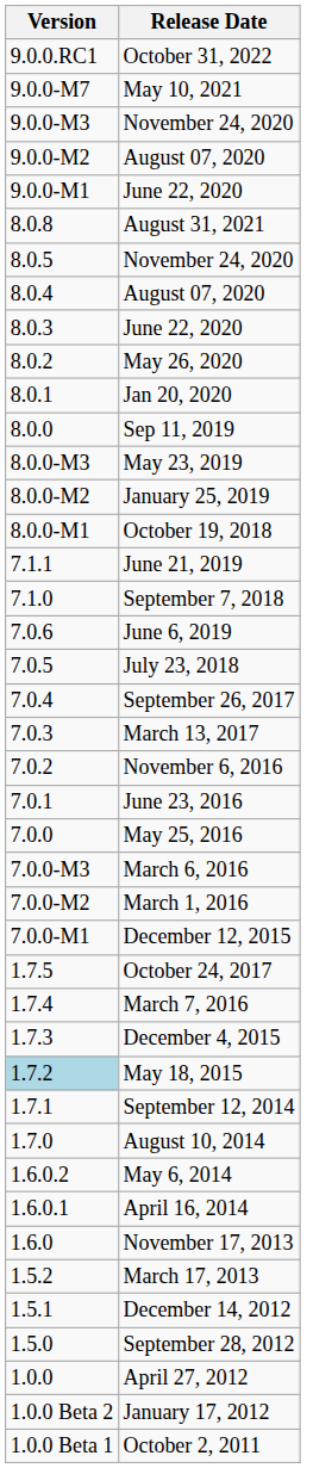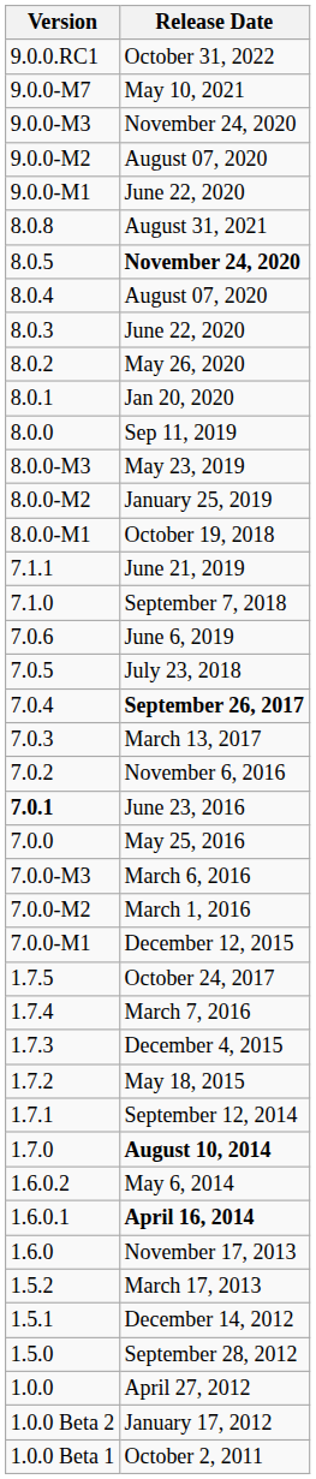 <table class="wikitable mw-collapsible mw-collapsed">
 <tr>
 <th>Version</th>
 <th>Release Date</th>
 </tr>
 <tr>
 <td>9.0.0.RC1</td>
 <td>October 31, 2022</td>
 </tr>
 <tr>
 <td>9.0.0-M7</td>
 <td>May 10, 2021</td>
 </tr>
 <tr>
 <td>9.0.0-M3</td>
 <td>November 24, 2020</td>
 </tr>
 <tr>
 <td>9.0.0-M2</td>
 <td>August 07, 2020</td>
 </tr>
 <tr>
 <td>9.0.0-M1</td>
 <td>June 22, 2020</td>
 </tr>
 <tr>
 <td>8.0.8</td>
 <td>August 31, 2021</td>
 </tr>
 <tr>
 <td>8.0.5</td>
-<td>November 24, 2020</td>
+<td><strong>November 24, 2020</strong></td>
 </tr>
 <tr>
 <td>8.0.4</td>
 <td>August 07, 2020</td>
 </tr>
 <tr>
 <td>8.0.3</td>
 <td>June 22, 2020</td>
 </tr>
 <tr>
 <td>8.0.2</td>
 <td>May 26, 2020</td>
 </tr>
 <tr>
 <td>8.0.1</td>
 <td>Jan 20, 2020</td>
 </tr>
 <tr>
 <td>8.0.0</td>
 <td>Sep 11, 2019</td>
 </tr>
 <tr>
 <td>8.0.0-M3</td>
 <td>May 23, 2019</td>
 </tr>
 <tr>
 <td>8.0.0-M2</td>
 <td>January 25, 2019</td>
 </tr>
 <tr>
 <td>8.0.0-M1</td>
 <td>October 19, 2018</td>
 </tr>
 <tr>
 <td>7.1.1</td>
 <td>June 21, 2019</td>
 </tr>
 <tr>
 <td>7.1.0</td>
 <td>September 7, 2018</td>
 </tr>
 <tr>
 <td>7.0.6</td>
 <td>June 6, 2019</td>
 </tr>
 <tr>
 <td>7.0.5</td>
 <td>July 23, 2018</td>
 </tr>
 <tr>
 <td>7.0.4</td>
-<td>September 26, 2017</td>
+<td><strong>September 26, 2017</strong></td>
 </tr>
 <tr>
 <td>7.0.3</td>
 <td>March 13, 2017</td>
 </tr>
 <tr>
 <td>7.0.2</td>
 <td>November 6, 2016</td>
 </tr>
 <tr>
-<td>7.0.1</td>
+<td><strong>7.0.1</strong></td>
 <td>June 23, 2016</td>
 </tr>
 <tr>
 <td>7.0.0</td>
 <td>May 25, 2016</td>
 </tr>
 <tr>
 <td>7.0.0-M3</td>
 <td>March 6, 2016</td>
 </tr>
 <tr>
 <td>7.0.0-M2</td>
 <td>March 1, 2016</td>
 </tr>
 <tr>
 <td>7.0.0-M1</td>
 <td>December 12, 2015</td>
 </tr>
 <tr>
 <td>1.7.5</td>
 <td>October 24, 2017</td>
 </tr>
 <tr>
 <td>1.7.4</td>
 <td>March 7, 2016</td>
 </tr>
 <tr>
 <td>1.7.3</td>
 <td>December 4, 2015</td>
 </tr>
 <tr>
-<td style="background: lightblue;">1.7.2</td>
+<td>1.7.2</td>
 <td>May 18, 2015</td>
 </tr>
 <tr>
 <td>1.7.1</td>
 <td>September 12, 2014</td>
 </tr>
 <tr>
 <td>1.7.0</td>
-<td>August 10, 2014</td>
+<td><strong>August 10, 2014</strong></td>
 </tr>
 <tr>
 <td>1.6.0.2</td>
 <td>May 6, 2014</td>
 </tr>
 <tr>
 <td>1.6.0.1</td>
-<td>April 16, 2014</td>
+<td><strong>April 16, 2014</strong></td>
 </tr>
 <tr>
 <td>1.6.0</td>
 <td>November 17, 2013</td>
 </tr>
 <tr>
 <td>1.5.2</td>
 <td>March 17, 2013</td>
 </tr>
 <tr>
 <td>1.5.1</td>
 <td>December 14, 2012</td>
 </tr>
 <tr>
 <td>1.5.0</td>
 <td>September 28, 2012</td>
 </tr>
 <tr>
 <td>1.0.0</td>
 <td>April 27, 2012</td>
 </tr>
 <tr>
 <td>1.0.0 Beta 2</td>
 <td>January 17, 2012</td>
 </tr>
 <tr>
 <td>1.0.0 Beta 1</td>
 <td>October 2, 2011</td>
 </tr>
 </table>
